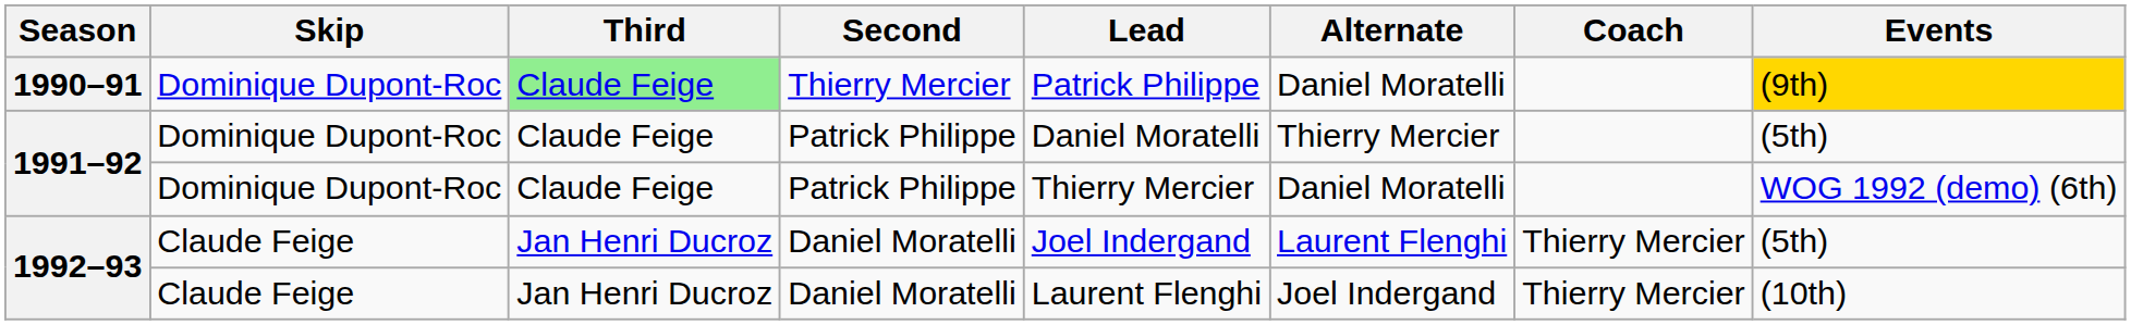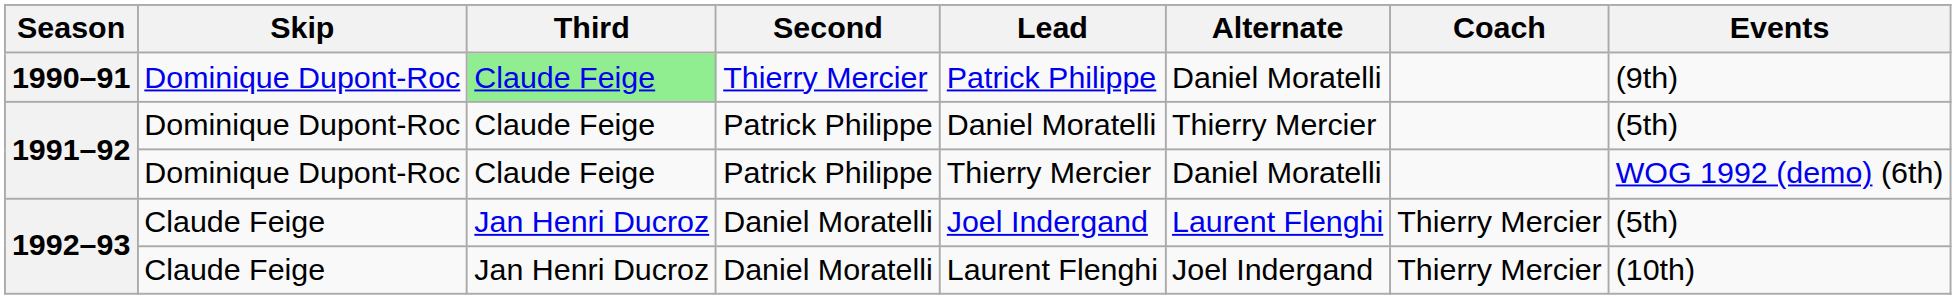 <table class="wikitable">
 <tr>
 <th scope="col">Season</th>
 <th scope="col">Skip</th>
 <th scope="col">Third</th>
 <th scope="col">Second</th>
 <th scope="col">Lead</th>
 <th scope="col">Alternate</th>
 <th scope="col">Coach</th>
 <th scope="col">Events</th>
 </tr>
 <tr>
 <th scope="row">1990–91</th>
 <td><a href='#'>Dominique Dupont-Roc</a></td>
 <td style="background: lightgreen;"><a href='#'>Claude Feige</a></td>
 <td><a href='#'>Thierry Mercier</a></td>
 <td><a href='#'>Patrick Philippe</a></td>
 <td>Daniel Moratelli</td>
 <td></td>
-<td style="background: gold;"> (9th)</td>
+<td> (9th)</td>
 </tr>
 <tr>
 <th scope="row" rowspan=2>1991–92</th>
 <td>Dominique Dupont-Roc</td>
 <td>Claude Feige</td>
 <td>Patrick Philippe</td>
 <td>Daniel Moratelli</td>
 <td>Thierry Mercier</td>
 <td></td>
 <td> (5th)</td>
 </tr>
 <tr>
 <td>Dominique Dupont-Roc</td>
 <td>Claude Feige</td>
 <td>Patrick Philippe</td>
 <td>Thierry Mercier</td>
 <td>Daniel Moratelli</td>
 <td></td>
 <td><a href='#'>WOG 1992 (demo)</a> (6th)</td>
 </tr>
 <tr>
 <th scope="row" rowspan=2>1992–93</th>
 <td>Claude Feige</td>
 <td><a href='#'>Jan Henri Ducroz</a></td>
 <td>Daniel Moratelli</td>
 <td><a href='#'>Joel Indergand</a></td>
 <td><a href='#'>Laurent Flenghi</a></td>
 <td>Thierry Mercier</td>
 <td> (5th)</td>
 </tr>
 <tr>
 <td>Claude Feige</td>
 <td>Jan Henri Ducroz</td>
 <td>Daniel Moratelli</td>
 <td>Laurent Flenghi</td>
 <td>Joel Indergand</td>
 <td>Thierry Mercier</td>
 <td> (10th)</td>
 </tr>
 </table>
